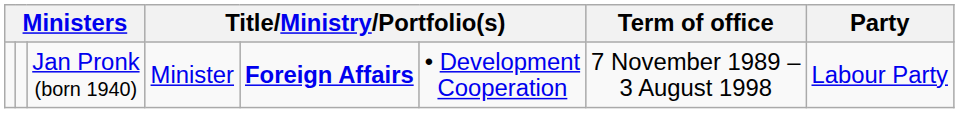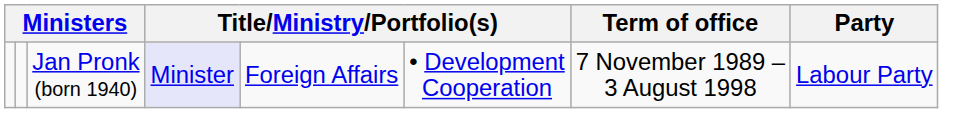 <table class="wikitable" style="text-align:center">
 <tr>
 <th colspan=3><a href='#'>Ministers</a></th>
 <th colspan=3>Title/<a href='#'>Ministry</a>/Portfolio(s)</th>
 <th>Term of office</th>
 <th>Party</th>
 </tr>
 <tr>
 <td style="background:"></td>
 <td></td>
 <td><a href='#'>Jan Pronk</a> <br> <small>(born 1940)</small></td>
-<td><a href='#'>Minister</a></td>
-<td><strong><a href='#'>Foreign Affairs</a></strong></td>
+<td style="background: lavender;"><a href='#'>Minister</a></td>
+<td><a href='#'>Foreign Affairs</a></td>
 <td>• <a href='#'>Development <br> Cooperation</a></td>
 <td>7 November 1989 – <br> 3 August 1998 <br> </td>
 <td><a href='#'>Labour Party</a></td>
 </tr>
 </table>
